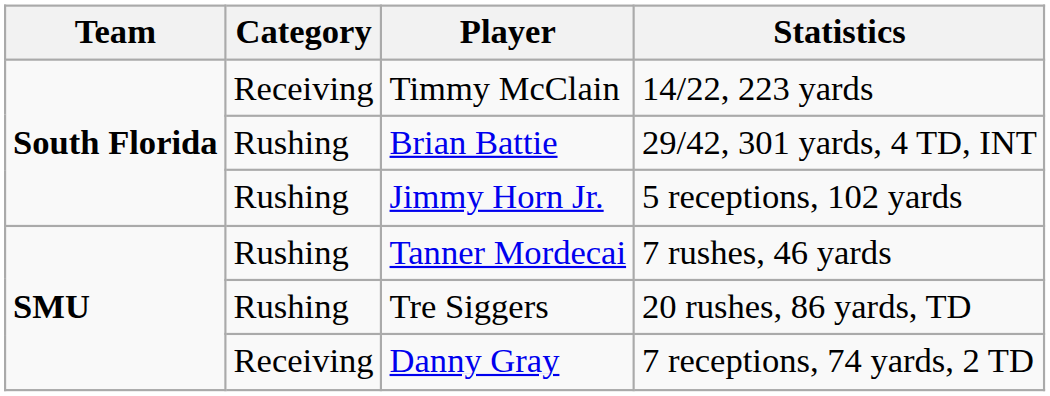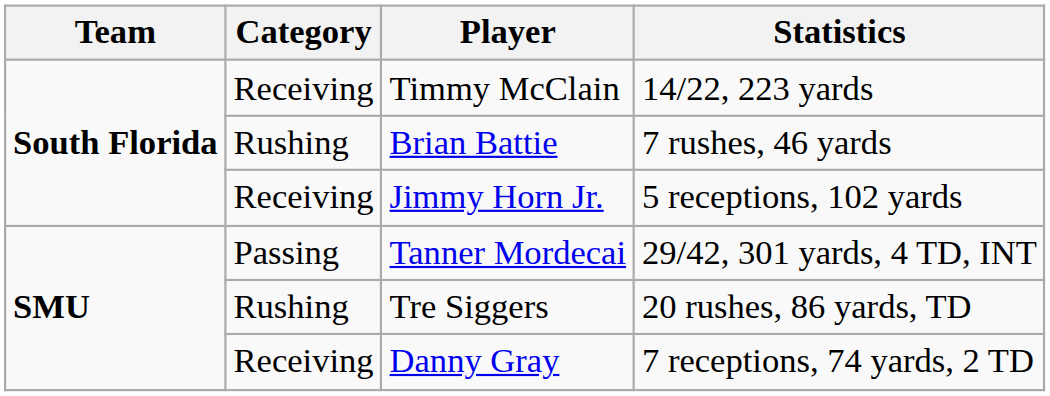 <table class="wikitable" style="float: left;">
 <tr>
 <th>Team</th>
 <th>Category</th>
 <th>Player</th>
 <th>Statistics</th>
 </tr>
 <tr>
 <td rowspan=3><strong>South Florida</strong></td>
 <td>Receiving</td>
 <td>Timmy McClain</td>
 <td>14/22, 223 yards</td>
 </tr>
 <tr>
 <td>Rushing</td>
 <td><a href='#'>Brian Battie</a></td>
-<td>29/42, 301 yards, 4 TD, INT</td>
+<td>7 rushes, 46 yards</td>
 </tr>
 <tr>
-<td>Rushing</td>
+<td>Receiving</td>
 <td><a href='#'>Jimmy Horn Jr.</a></td>
 <td>5 receptions, 102 yards</td>
 </tr>
 <tr>
 <td rowspan=3><strong>SMU</strong></td>
-<td>Rushing</td>
+<td>Passing</td>
 <td><a href='#'>Tanner Mordecai</a></td>
-<td>7 rushes, 46 yards</td>
+<td>29/42, 301 yards, 4 TD, INT</td>
 </tr>
 <tr>
 <td>Rushing</td>
 <td>Tre Siggers</td>
 <td>20 rushes, 86 yards, TD</td>
 </tr>
 <tr>
 <td>Receiving</td>
 <td><a href='#'>Danny Gray</a></td>
 <td>7 receptions, 74 yards, 2 TD</td>
 </tr>
 </table>
